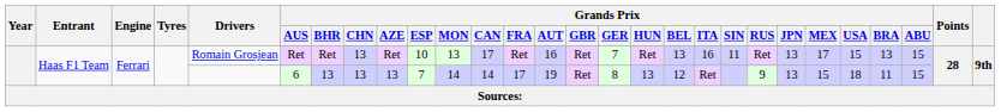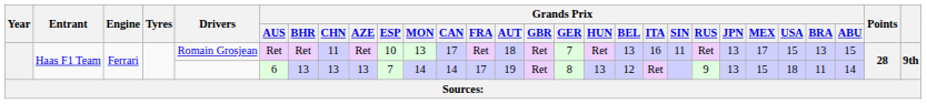 <table class="wikitable" style="text-align:center; font-size:90%">
 <tr>
 <th rowspan="2">Year</th>
 <th rowspan="2">Entrant</th>
 <th rowspan="2">Engine</th>
 <th rowspan="2">Tyres</th>
 <th rowspan="2">Drivers</th>
 <th colspan="21">Grands Prix</th>
 <th rowspan="2">Points</th>
 <th rowspan="2"></th>
 </tr>
 <tr>
 <th><a href='#'>AUS</a></th>
 <th><a href='#'>BHR</a></th>
 <th><a href='#'>CHN</a></th>
 <th><a href='#'>AZE</a></th>
 <th><a href='#'>ESP</a></th>
 <th><a href='#'>MON</a></th>
 <th><a href='#'>CAN</a></th>
 <th><a href='#'>FRA</a></th>
 <th><a href='#'>AUT</a></th>
 <th><a href='#'>GBR</a></th>
 <th><a href='#'>GER</a></th>
 <th><a href='#'>HUN</a></th>
 <th><a href='#'>BEL</a></th>
 <th><a href='#'>ITA</a></th>
 <th><a href='#'>SIN</a></th>
 <th><a href='#'>RUS</a></th>
 <th><a href='#'>JPN</a></th>
 <th><a href='#'>MEX</a></th>
 <th><a href='#'>USA</a></th>
 <th><a href='#'>BRA</a></th>
 <th><a href='#'>ABU</a></th>
 </tr>
 <tr>
 <th rowspan="2"></th>
 <td rowspan="2"><a href='#'>Haas F1 Team</a></td>
 <td rowspan="2"><a href='#'>Ferrari</a></td>
 <td rowspan="2"></td>
 <td><a href='#'>Romain Grosjean</a></td>
 <td style="background:#EFCFFF;">Ret</td>
 <td style="background:#EFCFFF;">Ret</td>
-<td style="background:#cfcfff;">13</td>
+<td style="background:#cfcfff;">11</td>
 <td style="background:#EFCFFF;">Ret</td>
 <td style="background:#DFFFDF;">10</td>
 <td style="background:#DFFFDF;">13</td>
 <td style="background:#cfcfff;">17</td>
 <td style="background:#EFCFFF;">Ret</td>
-<td style="background:#cfcfff;">16</td>
+<td style="background:#cfcfff;">18</td>
 <td style="background:#EFCFFF;">Ret</td>
 <td style="background:#DFFFDF;">7</td>
 <td style="background:#EFCFFF;">Ret</td>
 <td style="background:#cfcfff;">13</td>
 <td style="background:#cfcfff;">16</td>
 <td style="background:#cfcfff;">11</td>
 <td style="background:#EFCFFF;">Ret</td>
 <td style="background:#cfcfff;">13</td>
 <td style="background:#CFCFFF;">17</td>
 <td style="background:#CFCFFF;">15</td>
 <td style="background:#CFCFFF;">13</td>
 <td style="background:#CFCFFF;">15</td>
 <th rowspan="2">28</th>
 <th rowspan="2">9th</th>
 </tr>
 <tr>
 <td align="center"></td>
 <td style="background:#DFFFDF;">6</td>
 <td style="background:#cfcfff;">13</td>
 <td style="background:#cfcfff;">13</td>
 <td style="background:#cfcfff;">13</td>
 <td style="background:#DFFFDF;">7</td>
 <td style="background:#cfcfff;">14</td>
 <td style="background:#cfcfff;">14</td>
 <td style="background:#cfcfff;">17</td>
 <td style="background:#cfcfff;">19</td>
 <td style="background:#EFCFFF;">Ret</td>
 <td style="background:#DFFFDF;">8</td>
 <td style="background:#cfcfff;">13</td>
 <td style="background:#cfcfff;">12</td>
 <td style="background:#EFCFFF;">Ret</td>
 <td style="background:#cfcfff;"></td>
 <td style="background:#DFFFDF;">9</td>
 <td style="background:#cfcfff;">13</td>
 <td style="background:#CFCFFF;">15</td>
 <td style="background:#CFCFFF;">18</td>
 <td style="background:#CFCFFF;">11</td>
-<td style="background:#CFCFFF;">15</td>
+<td style="background:#CFCFFF;">14</td>
 </tr>
 <tr>
 <th colspan="28">Sources:</th>
 </tr>
 </table>
